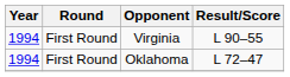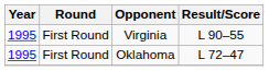 <table class="wikitable" style="text-align:center;">
 <tr>
 <th>Year</th>
 <th>Round</th>
 <th>Opponent</th>
 <th>Result/Score</th>
 </tr>
 <tr align="center">
-<td><a href='#'>1994</a></td>
+<td><a href='#'>1995</a></td>
 <td>First Round</td>
 <td>Virginia</td>
 <td>L 90–55</td>
 </tr>
 <tr align="center">
-<td><a href='#'>1994</a></td>
+<td><a href='#'>1995</a></td>
 <td>First Round</td>
 <td>Oklahoma</td>
 <td>L 72–47</td>
 </tr>
 <tr align="center">
 </tr>
 </table>
